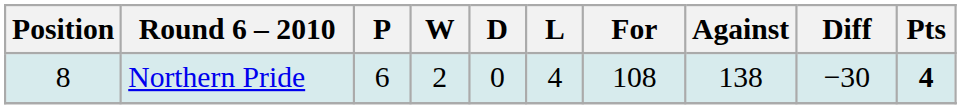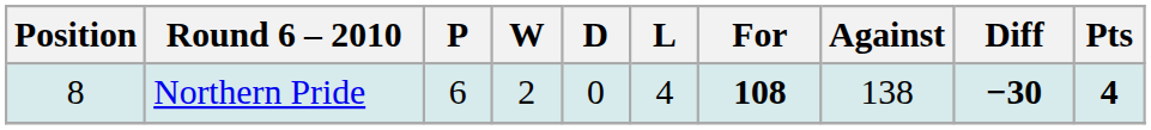 <table class="wikitable" style="text-align:center; font-size:85%;">
 <tr>
 <th width=40 abbr="Position">Position</th>
 <th width=100>Round 6 – 2010</th>
 <th width=20 abbr="Played">P</th>
 <th width=20 abbr="Won">W</th>
 <th width=20 abbr="Drawn">D</th>
 <th width=20 abbr="Lost">L</th>
 <th width=40 abbr="Points for">For</th>
 <th width=40 abbr="Points against">Against</th>
 <th width=40 abbr="Points difference">Diff</th>
 <th width=20 abbr="Points">Pts</th>
 </tr>
 <tr style="background: #d7ebed;">
 <td>8</td>
 <td style="text-align:left;"> <a href='#'>Northern Pride</a></td>
 <td>6</td>
 <td>2</td>
 <td>0</td>
 <td>4</td>
-<td>108</td>
+<td><strong>108</strong></td>
 <td>138</td>
-<td>−30</td>
+<td><strong>−30</strong></td>
 <td><strong>4</strong></td>
 </tr>
 <tr>
 </tr>
 </table>
